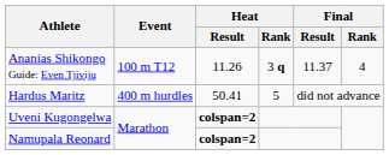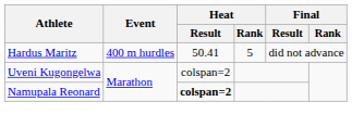 <table class="wikitable" style="font-size:90%">
 <tr>
 <th rowspan=2>Athlete</th>
 <th rowspan=2>Event</th>
 <th colspan=2>Heat</th>
 <th colspan=2>Final</th>
 </tr>
 <tr style="font-size:95%">
 <th>Result</th>
 <th>Rank</th>
 <th>Result</th>
 <th>Rank</th>
 </tr>
 <tr align=center>
-<td align=left><a href='#'>Ananias Shikongo</a><br><small>Guide: <a href='#'>Even Tjiviju</a></small></td>
-<td align=left><a href='#'>100 m T12</a></td>
-<td>11.26</td>
-<td>3 <strong>q</strong></td>
-<td>11.37</td>
-<td>4</td>
-</tr>
-<tr align=center>
 <td align=left><a href='#'>Hardus Maritz</a></td>
 <td align=left><a href='#'>400 m hurdles</a></td>
 <td>50.41</td>
 <td>5</td>
 <td colspan=2>did not advance</td>
 </tr>
 <tr align=center>
 <td align=left><a href='#'>Uveni Kugongelwa</a></td>
 <td align=left rowspan=2><a href='#'>Marathon</a></td>
-<td><strong>colspan=2</strong></td>
+<td>colspan=2</td>
 <td colspan=2></td>
 </tr>
 <tr align=center>
 <td align=left><a href='#'>Namupala Reonard</a></td>
 <td><strong>colspan=2</strong></td>
 <td colspan=2></td>
 </tr>
 </table>
